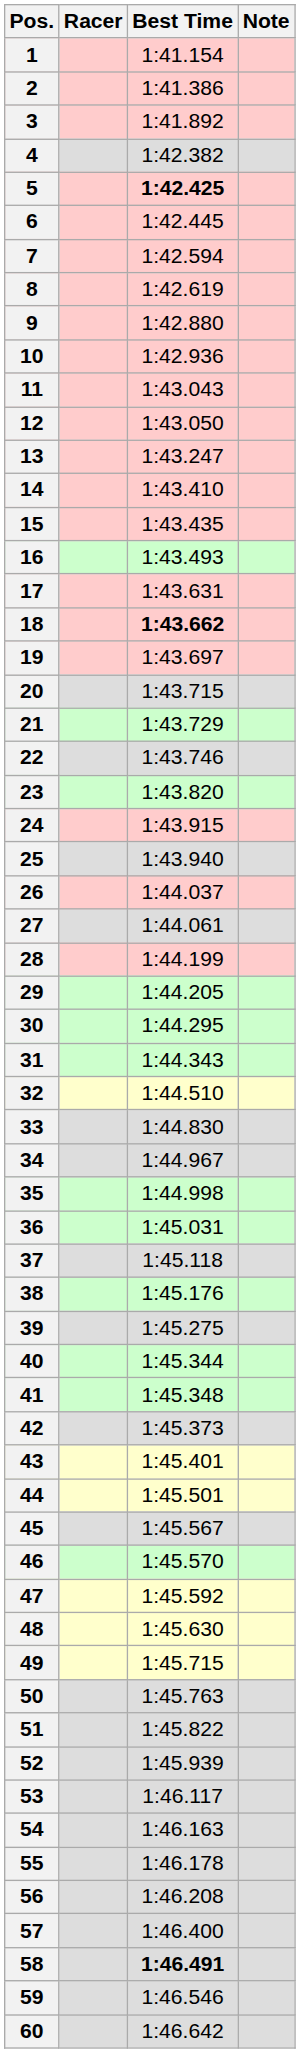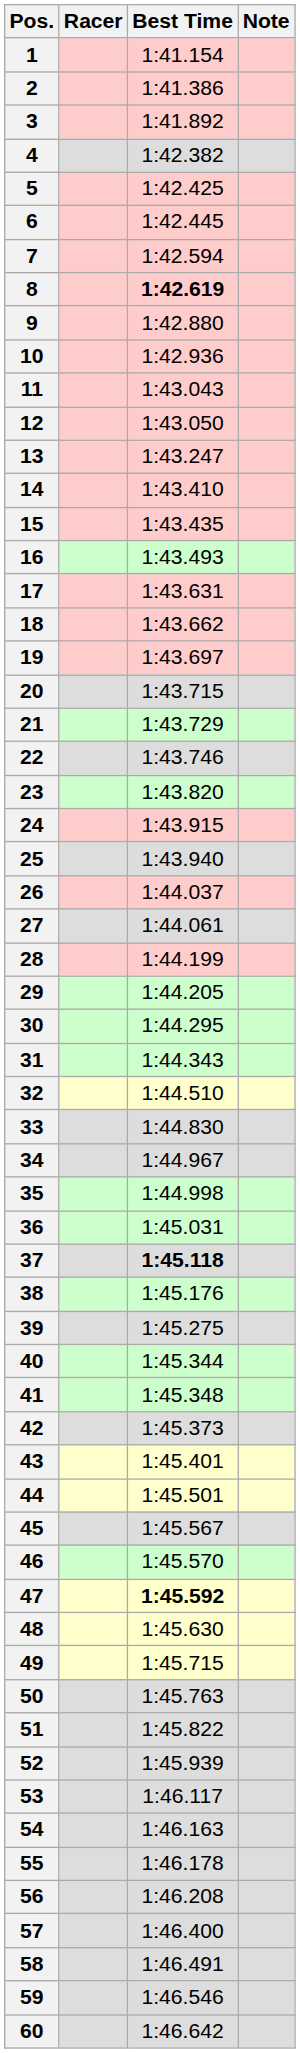 <table class="wikitable sortable plainrowheaders" style="text-align:center;">
 <tr>
 <th scope="col">Pos.</th>
 <th scope="col">Racer</th>
 <th scope="col">Best Time</th>
 <th scope="col">Note</th>
 </tr>
 <tr bgcolor=#ffcccc>
 <th style="text - align:center; ">1</th>
 <td align="left"></td>
 <td>1:41.154</td>
 <td></td>
 </tr>
 <tr bgcolor=#ffcccc>
 <th style="text - align:center; ">2</th>
 <td align="left"></td>
 <td>1:41.386</td>
 <td></td>
 </tr>
 <tr bgcolor=#ffcccc>
 <th style="text - align:center; ">3</th>
 <td align="left"></td>
 <td>1:41.892</td>
 <td></td>
 </tr>
 <tr bgcolor=#dddddd>
 <th style="text - align:center; ">4</th>
 <td align="left"></td>
 <td>1:42.382</td>
 <td></td>
 </tr>
 <tr bgcolor=#ffcccc>
 <th style="text - align:center; ">5</th>
 <td align="left"></td>
-<td><strong>1:42.425</strong></td>
+<td>1:42.425</td>
 <td></td>
 </tr>
 <tr bgcolor=#ffcccc>
 <th style="text - align:center; ">6</th>
 <td align="left"></td>
 <td>1:42.445</td>
 <td></td>
 </tr>
 <tr bgcolor=#ffcccc>
 <th style="text - align:center; ">7</th>
 <td align="left"></td>
 <td>1:42.594</td>
 <td></td>
 </tr>
 <tr bgcolor=#ffcccc>
 <th style="text - align:center; ">8</th>
 <td align="left"></td>
-<td>1:42.619</td>
+<td><strong>1:42.619</strong></td>
 <td></td>
 </tr>
 <tr bgcolor=#ffcccc>
 <th style="text - align:center; ">9</th>
 <td align="left"></td>
 <td>1:42.880</td>
 <td></td>
 </tr>
 <tr bgcolor=#ffcccc>
 <th style="text - align:center; ">10</th>
 <td align="left"></td>
 <td>1:42.936</td>
 <td></td>
 </tr>
 <tr bgcolor=#ffcccc>
 <th style="text - align:center; ">11</th>
 <td align="left"></td>
 <td>1:43.043</td>
 <td></td>
 </tr>
 <tr bgcolor=#ffcccc>
 <th style="text - align:center; ">12</th>
 <td align="left"></td>
 <td>1:43.050</td>
 <td></td>
 </tr>
 <tr bgcolor=#ffcccc>
 <th style="text - align:center; ">13</th>
 <td align="left"></td>
 <td>1:43.247</td>
 <td></td>
 </tr>
 <tr bgcolor=#ffcccc>
 <th style="text - align:center; ">14</th>
 <td align="left"></td>
 <td>1:43.410</td>
 <td></td>
 </tr>
 <tr bgcolor=#ffcccc>
 <th style="text - align:center; ">15</th>
 <td align="left"></td>
 <td>1:43.435</td>
 <td></td>
 </tr>
 <tr bgcolor=#ccffcc>
 <th style="text - align:center; ">16</th>
 <td align="left"></td>
 <td>1:43.493</td>
 <td></td>
 </tr>
 <tr bgcolor=#ffcccc>
 <th style="text - align:center; ">17</th>
 <td align="left"></td>
 <td>1:43.631</td>
 <td></td>
 </tr>
 <tr bgcolor=#ffcccc>
 <th style="text - align:center; ">18</th>
 <td align="left"></td>
-<td><strong>1:43.662</strong></td>
+<td>1:43.662</td>
 <td></td>
 </tr>
 <tr bgcolor=#ffcccc>
 <th style="text - align:center; ">19</th>
 <td align="left"></td>
 <td>1:43.697</td>
 <td></td>
 </tr>
 <tr bgcolor=#dddddd>
 <th style="text - align:center; ">20</th>
 <td align="left"></td>
 <td>1:43.715</td>
 <td></td>
 </tr>
 <tr bgcolor=#ccffcc>
 <th style="text - align:center; ">21</th>
 <td align="left"></td>
 <td>1:43.729</td>
 <td></td>
 </tr>
 <tr bgcolor=#dddddd>
 <th style="text - align:center; ">22</th>
 <td align="left"></td>
 <td>1:43.746</td>
 <td></td>
 </tr>
 <tr bgcolor=#ccffcc>
 <th style="text - align:center; ">23</th>
 <td align="left"></td>
 <td>1:43.820</td>
 <td></td>
 </tr>
 <tr bgcolor=#ffcccc>
 <th style="text - align:center; ">24</th>
 <td align="left"></td>
 <td>1:43.915</td>
 <td></td>
 </tr>
 <tr bgcolor=#dddddd>
 <th style="text - align:center; ">25</th>
 <td align="left"></td>
 <td>1:43.940</td>
 <td></td>
 </tr>
 <tr bgcolor=#ffcccc>
 <th style="text - align:center; ">26</th>
 <td align="left"></td>
 <td>1:44.037</td>
 <td></td>
 </tr>
 <tr bgcolor=#dddddd>
 <th style="text - align:center; ">27</th>
 <td align="left"></td>
 <td>1:44.061</td>
 <td></td>
 </tr>
 <tr bgcolor=#ffcccc>
 <th style="text - align:center; ">28</th>
 <td align="left"></td>
 <td>1:44.199</td>
 <td></td>
 </tr>
 <tr bgcolor=#ccffcc>
 <th style="text - align:center; ">29</th>
 <td align="left"></td>
 <td>1:44.205</td>
 <td></td>
 </tr>
 <tr bgcolor=#ccffcc>
 <th style="text - align:center; ">30</th>
 <td align="left"></td>
 <td>1:44.295</td>
 <td></td>
 </tr>
 <tr bgcolor=#ccffcc>
 <th style="text - align:center; ">31</th>
 <td align="left"></td>
 <td>1:44.343</td>
 <td></td>
 </tr>
 <tr bgcolor=#ffffcc>
 <th style="text - align:center; ">32</th>
 <td align="left"></td>
 <td>1:44.510</td>
 <td></td>
 </tr>
 <tr bgcolor=#dddddd>
 <th style="text - align:center; ">33</th>
 <td align="left"></td>
 <td>1:44.830</td>
 <td></td>
 </tr>
 <tr bgcolor=#dddddd>
 <th style="text - align:center; ">34</th>
 <td align="left"></td>
 <td>1:44.967</td>
 <td></td>
 </tr>
 <tr bgcolor=#ccffcc>
 <th style="text - align:center; ">35</th>
 <td align="left"></td>
 <td>1:44.998</td>
 <td></td>
 </tr>
 <tr bgcolor=#ccffcc>
 <th style="text - align:center; ">36</th>
 <td align="left"></td>
 <td>1:45.031</td>
 <td></td>
 </tr>
 <tr bgcolor=#dddddd>
 <th style="text - align:center; ">37</th>
 <td align="left"></td>
-<td>1:45.118</td>
+<td><strong>1:45.118</strong></td>
 <td></td>
 </tr>
 <tr bgcolor=#ccffcc>
 <th style="text - align:center; ">38</th>
 <td align="left"></td>
 <td>1:45.176</td>
 <td></td>
 </tr>
 <tr bgcolor=#dddddd>
 <th style="text - align:center; ">39</th>
 <td align="left"></td>
 <td>1:45.275</td>
 <td></td>
 </tr>
 <tr bgcolor=#ccffcc>
 <th style="text - align:center; ">40</th>
 <td align="left"></td>
 <td>1:45.344</td>
 <td></td>
 </tr>
 <tr bgcolor=#ccffcc>
 <th style="text - align:center; ">41</th>
 <td align="left"></td>
 <td>1:45.348</td>
 <td></td>
 </tr>
 <tr bgcolor=#dddddd>
 <th style="text - align:center; ">42</th>
 <td align="left"></td>
 <td>1:45.373</td>
 <td></td>
 </tr>
 <tr bgcolor=#ffffcc>
 <th style="text - align:center; ">43</th>
 <td align="left"></td>
 <td>1:45.401</td>
 <td></td>
 </tr>
 <tr bgcolor=#ffffcc>
 <th style="text - align:center; ">44</th>
 <td align="left"></td>
 <td>1:45.501</td>
 <td></td>
 </tr>
 <tr bgcolor=#dddddd>
 <th style="text - align:center; ">45</th>
 <td align="left"></td>
 <td>1:45.567</td>
 <td></td>
 </tr>
 <tr bgcolor=#ccffcc>
 <th style="text - align:center; ">46</th>
 <td align="left"></td>
 <td>1:45.570</td>
 <td></td>
 </tr>
 <tr bgcolor=#ffffcc>
 <th style="text - align:center; ">47</th>
 <td align="left"></td>
-<td>1:45.592</td>
+<td><strong>1:45.592</strong></td>
 <td></td>
 </tr>
 <tr bgcolor=#ffffcc>
 <th style="text - align:center; ">48</th>
 <td align="left"></td>
 <td>1:45.630</td>
 <td></td>
 </tr>
 <tr bgcolor=#ffffcc>
 <th style="text - align:center; ">49</th>
 <td align="left"></td>
 <td>1:45.715</td>
 <td></td>
 </tr>
 <tr bgcolor=#dddddd>
 <th style="text - align:center; ">50</th>
 <td align="left"></td>
 <td>1:45.763</td>
 <td></td>
 </tr>
 <tr bgcolor=#dddddd>
 <th style="text - align:center; ">51</th>
 <td align="left"></td>
 <td>1:45.822</td>
 <td></td>
 </tr>
 <tr bgcolor=#dddddd>
 <th style="text - align:center; ">52</th>
 <td align="left"></td>
 <td>1:45.939</td>
 <td></td>
 </tr>
 <tr bgcolor=#dddddd>
 <th style="text - align:center; ">53</th>
 <td align="left"></td>
 <td>1:46.117</td>
 <td></td>
 </tr>
 <tr bgcolor=#dddddd>
 <th style="text - align:center; ">54</th>
 <td align="left"></td>
 <td>1:46.163</td>
 <td></td>
 </tr>
 <tr bgcolor=#dddddd>
 <th style="text - align:center; ">55</th>
 <td align="left"></td>
 <td>1:46.178</td>
 <td></td>
 </tr>
 <tr bgcolor=#dddddd>
 <th style="text - align:center; ">56</th>
 <td align="left"></td>
 <td>1:46.208</td>
 <td></td>
 </tr>
 <tr bgcolor=#dddddd>
 <th style="text - align:center; ">57</th>
 <td align="left"></td>
 <td>1:46.400</td>
 <td></td>
 </tr>
 <tr bgcolor=#dddddd>
 <th style="text - align:center; ">58</th>
 <td align="left"></td>
-<td><strong>1:46.491</strong></td>
+<td>1:46.491</td>
 <td></td>
 </tr>
 <tr bgcolor=#dddddd>
 <th style="text - align:center; ">59</th>
 <td align="left"></td>
 <td>1:46.546</td>
 <td></td>
 </tr>
 <tr bgcolor=#dddddd>
 <th style="text - align:center; ">60</th>
 <td align="left"></td>
 <td>1:46.642</td>
 <td></td>
 </tr>
 </table>
